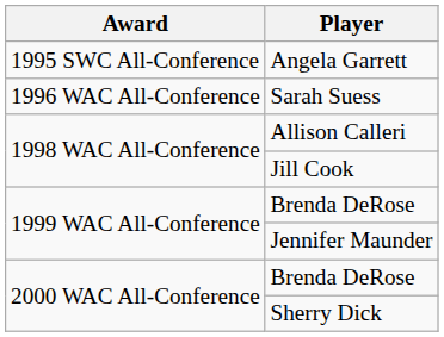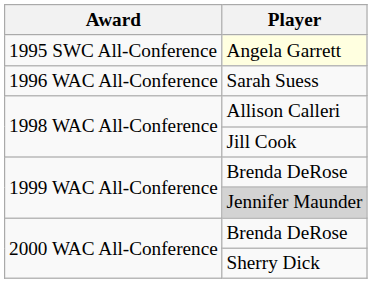 <table class="wikitable">
 <tr>
 <th>Award</th>
 <th>Player</th>
 </tr>
 <tr>
 <td>1995 SWC All-Conference</td>
-<td>Angela Garrett</td>
+<td style="background: lightyellow;">Angela Garrett</td>
 </tr>
 <tr>
 <td>1996 WAC All-Conference</td>
 <td>Sarah Suess</td>
 </tr>
 <tr>
 <td rowspan="2">1998 WAC All-Conference</td>
 <td>Allison Calleri</td>
 </tr>
 <tr>
 <td>Jill Cook</td>
 </tr>
 <tr>
 <td rowspan="2">1999 WAC All-Conference</td>
 <td>Brenda DeRose</td>
 </tr>
 <tr>
-<td>Jennifer Maunder</td>
+<td style="background: lightgrey;">Jennifer Maunder</td>
 </tr>
 <tr>
 <td rowspan="2">2000 WAC All-Conference</td>
 <td>Brenda DeRose</td>
 </tr>
 <tr>
 <td>Sherry Dick</td>
 </tr>
 </table>
